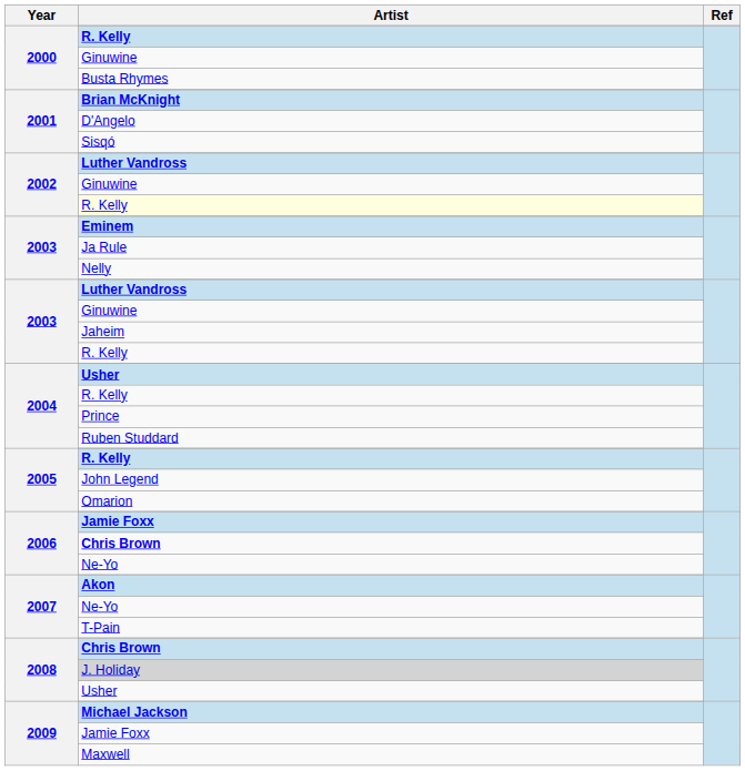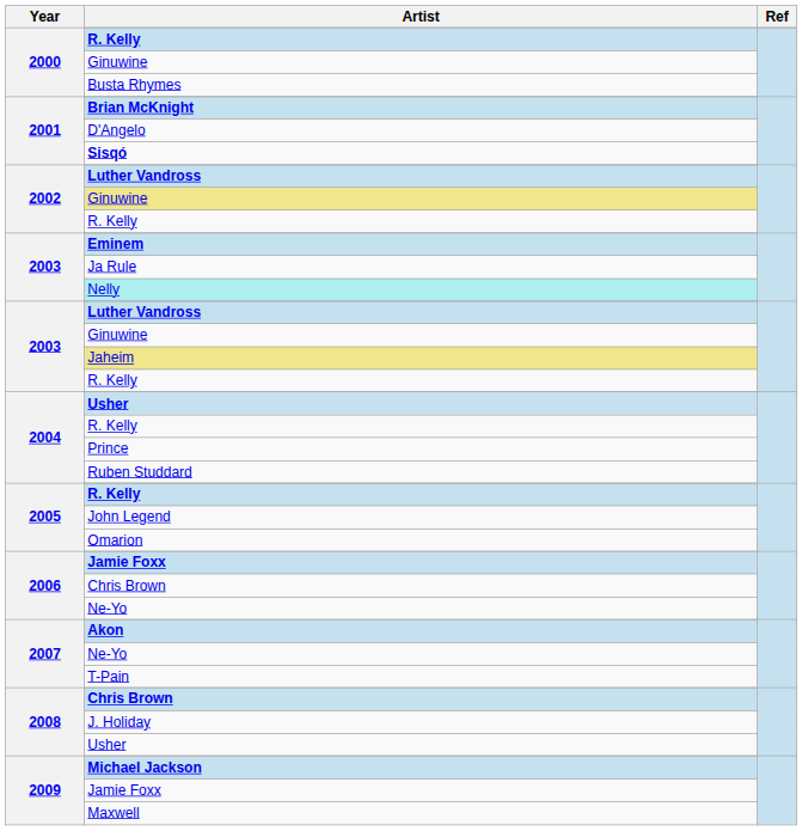 <table class="wikitable" width="100%">
 <tr>
 <th width="10%">Year</th>
 <th width="85%">Artist</th>
 <th width="5%">Ref</th>
 </tr>
 <tr>
 <th rowspan="4" align="center"><a href='#'>2000<br></a></th>
 </tr>
 <tr style="background:#c5e1f0">
 <td><strong><a href='#'>R. Kelly</a></strong></td>
 <td rowspan="4" align="center"></td>
 </tr>
 <tr>
 <td><a href='#'>Ginuwine</a></td>
 </tr>
 <tr>
 <td><a href='#'>Busta Rhymes</a></td>
 </tr>
 <tr>
 <th rowspan="4" align="center"><a href='#'>2001<br></a></th>
 </tr>
 <tr style="background:#c5e1f0">
 <td><strong><a href='#'>Brian McKnight</a></strong></td>
 <td rowspan="4" align="center"></td>
 </tr>
 <tr>
 <td><a href='#'>D'Angelo</a></td>
 </tr>
 <tr>
-<td><a href='#'>Sisqó</a></td>
+<td><strong><a href='#'>Sisqó</a></strong></td>
 </tr>
 <tr>
 <th rowspan="4" align="center"><a href='#'>2002<br></a></th>
 </tr>
 <tr style="background:#c5e1f0">
 <td><strong><a href='#'>Luther Vandross</a></strong></td>
 <td rowspan="4" align="center"></td>
 </tr>
 <tr>
-<td><a href='#'>Ginuwine</a></td>
+<td style="background: khaki;"><a href='#'>Ginuwine</a></td>
 </tr>
 <tr>
-<td style="background: lightyellow;"><a href='#'>R. Kelly</a></td>
+<td><a href='#'>R. Kelly</a></td>
 </tr>
 <tr>
 <th rowspan="4" align="center"><a href='#'>2003<br></a></th>
 </tr>
 <tr style="background:#c5e1f0">
 <td><strong><a href='#'>Eminem</a></strong></td>
 <td rowspan="4" align="center"></td>
 </tr>
 <tr>
 <td><a href='#'>Ja Rule</a></td>
 </tr>
 <tr>
-<td><a href='#'>Nelly</a></td>
+<td style="background: paleturquoise;"><a href='#'>Nelly</a></td>
 </tr>
 <tr>
 <th rowspan="5" align="center"><a href='#'>2003<br></a></th>
 </tr>
 <tr style="background:#c5e1f0">
 <td><strong><a href='#'>Luther Vandross</a></strong></td>
 <td rowspan="5" align="center"></td>
 </tr>
 <tr>
 <td><a href='#'>Ginuwine</a></td>
 </tr>
 <tr>
-<td><a href='#'>Jaheim</a></td>
+<td style="background: khaki;"><a href='#'>Jaheim</a></td>
 </tr>
 <tr>
 <td><a href='#'>R. Kelly</a></td>
 </tr>
 <tr>
 <th rowspan="5" align="center"><a href='#'>2004<br></a></th>
 </tr>
 <tr style="background:#c5e1f0">
 <td><strong><a href='#'>Usher</a></strong></td>
 <td rowspan="5" align="center"></td>
 </tr>
 <tr>
 <td><a href='#'>R. Kelly</a></td>
 </tr>
 <tr>
 <td><a href='#'>Prince</a></td>
 </tr>
 <tr>
 <td><a href='#'>Ruben Studdard</a></td>
 </tr>
 <tr>
 <th rowspan="4" align="center"><a href='#'>2005<br></a></th>
 </tr>
 <tr style="background:#c5e1f0">
 <td><strong><a href='#'>R. Kelly</a></strong></td>
 <td rowspan="4" align="center"></td>
 </tr>
 <tr>
 <td><a href='#'>John Legend</a></td>
 </tr>
 <tr>
 <td><a href='#'>Omarion</a></td>
 </tr>
 <tr>
 <th rowspan="4" align="center"><a href='#'>2006<br></a></th>
 </tr>
 <tr style="background:#c5e1f0">
 <td><strong><a href='#'>Jamie Foxx</a></strong></td>
 <td rowspan="4" align="center"></td>
 </tr>
 <tr>
-<td><strong><a href='#'>Chris Brown</a></strong></td>
+<td><a href='#'>Chris Brown</a></td>
 </tr>
 <tr>
 <td><a href='#'>Ne-Yo</a></td>
 </tr>
 <tr>
 <th rowspan="4" align="center"><a href='#'>2007<br></a></th>
 </tr>
 <tr style="background:#c5e1f0">
 <td><strong><a href='#'>Akon</a></strong></td>
 <td rowspan="4" align="center"></td>
 </tr>
 <tr>
 <td><a href='#'>Ne-Yo</a></td>
 </tr>
 <tr>
 <td><a href='#'>T-Pain</a></td>
 </tr>
 <tr>
 <th rowspan="4" align="center"><a href='#'>2008<br></a></th>
 </tr>
 <tr style="background:#c5e1f0">
 <td><strong><a href='#'>Chris Brown</a></strong></td>
 <td rowspan="4" align="center"></td>
 </tr>
 <tr>
-<td style="background: lightgrey;"><a href='#'>J. Holiday</a></td>
+<td><a href='#'>J. Holiday</a></td>
 </tr>
 <tr>
 <td><a href='#'>Usher</a></td>
 </tr>
 <tr>
 <th rowspan="4" align="center"><a href='#'>2009<br></a></th>
 </tr>
 <tr style="background:#c5e1f0">
 <td><strong><a href='#'>Michael Jackson</a></strong></td>
 <td rowspan="4" align="center"></td>
 </tr>
 <tr>
 <td><a href='#'>Jamie Foxx</a></td>
 </tr>
 <tr>
 <td><a href='#'>Maxwell</a></td>
 </tr>
 </table>
